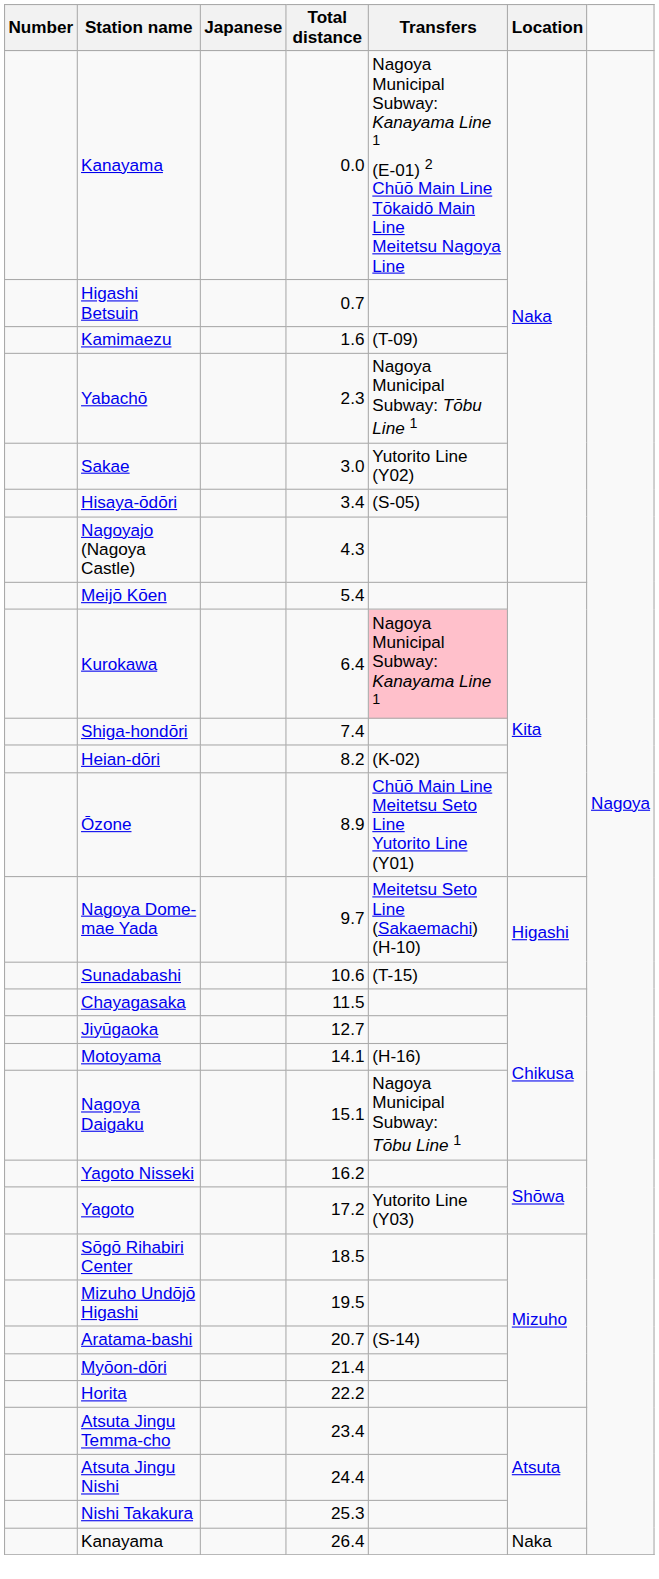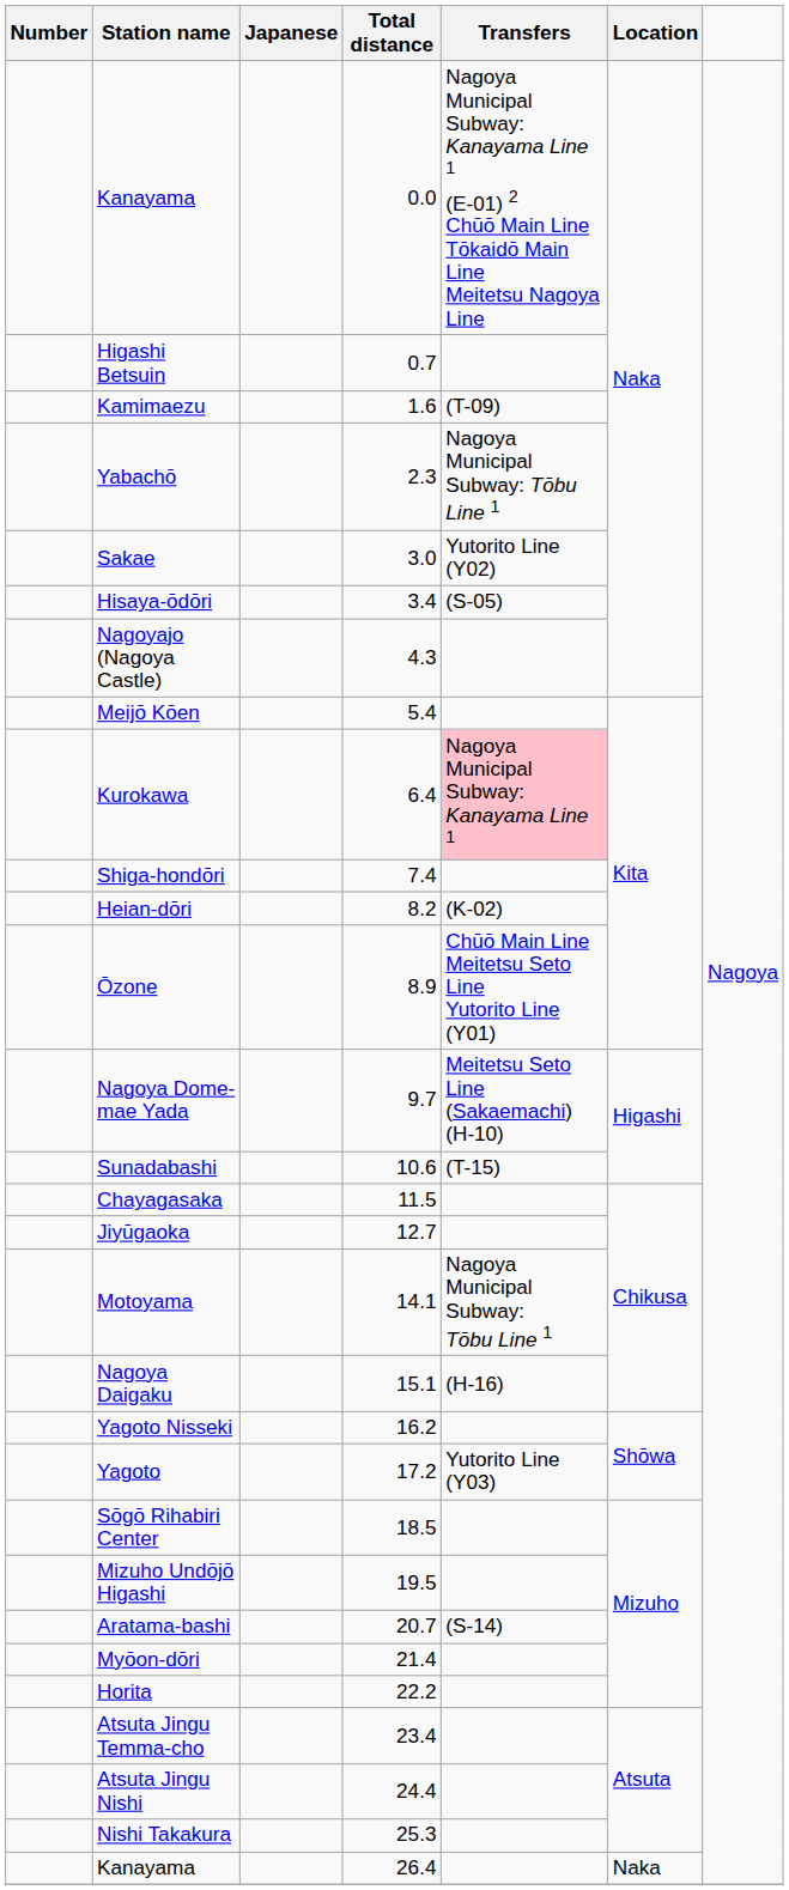 <table class="wikitable">
 <tr>
 <th style="border-bottom:3px solid #">Number</th>
 <th ! style="border-bottom:3px solid #">Station name</th>
 <th ! style="border-bottom:3px solid #">Japanese</th>
 <th ! style="border-bottom:3px solid #">Total distance</th>
 <th ! style="border-bottom:3px solid #">Transfers</th>
 <th ! style="border-bottom:3px solid #">Location</th>
 </tr>
 <tr>
 <td></td>
 <td><a href='#'>Kanayama</a></td>
 <td></td>
 <td align=right>0.0</td>
 <td>Nagoya Municipal Subway: <em>Kanayama Line</em> <sup>1</sup><br> (E-01) <sup>2</sup><br><a href='#'>Chūō Main Line</a><br><a href='#'>Tōkaidō Main Line</a><br><a href='#'>Meitetsu Nagoya Line</a></td>
 <td rowspan=7><a href='#'>Naka</a></td>
 <td rowspan=29><a href='#'>Nagoya</a></td>
 </tr>
 <tr>
 <td></td>
 <td><a href='#'>Higashi Betsuin</a></td>
 <td></td>
 <td align=right>0.7</td>
 <td></td>
 </tr>
 <tr>
 <td></td>
 <td><a href='#'>Kamimaezu</a></td>
 <td></td>
 <td align=right>1.6</td>
 <td> (T-09)</td>
 </tr>
 <tr>
 <td></td>
 <td><a href='#'>Yabachō</a></td>
 <td></td>
 <td align=right>2.3</td>
 <td>Nagoya Municipal Subway: <em>Tōbu Line</em> <sup>1</sup></td>
 </tr>
 <tr>
 <td></td>
 <td><a href='#'>Sakae</a></td>
 <td></td>
 <td align=right>3.0</td>
 <td>Yutorito Line (Y02)</td>
 </tr>
 <tr>
 <td></td>
 <td><a href='#'>Hisaya-ōdōri</a></td>
 <td></td>
 <td align=right>3.4</td>
 <td> (S-05)</td>
 </tr>
 <tr>
 <td></td>
 <td><a href='#'>Nagoyajo</a> (Nagoya Castle)</td>
 <td></td>
 <td align=right>4.3</td>
 <td></td>
 </tr>
 <tr>
 <td></td>
 <td><a href='#'>Meijō Kōen</a></td>
 <td></td>
 <td align=right>5.4</td>
 <td></td>
 <td rowspan=5><a href='#'>Kita</a></td>
 </tr>
 <tr>
 <td></td>
 <td><a href='#'>Kurokawa</a></td>
 <td></td>
 <td align=right>6.4</td>
 <td style="background: pink;">Nagoya Municipal Subway:<br><em>Kanayama Line</em> <sup>1</sup></td>
 </tr>
 <tr>
 <td></td>
 <td><a href='#'>Shiga-hondōri</a></td>
 <td></td>
 <td align=right>7.4</td>
 <td></td>
 </tr>
 <tr>
 <td></td>
 <td><a href='#'>Heian-dōri</a></td>
 <td></td>
 <td align=right>8.2</td>
 <td> (K-02)</td>
 </tr>
 <tr>
 <td></td>
 <td><a href='#'>Ōzone</a></td>
 <td></td>
 <td align=right>8.9</td>
 <td><a href='#'>Chūō Main Line</a><br><a href='#'>Meitetsu Seto Line</a><br><a href='#'>Yutorito Line</a> (Y01)</td>
 </tr>
 <tr>
 <td></td>
 <td><a href='#'>Nagoya Dome-mae Yada</a></td>
 <td></td>
 <td align=right>9.7</td>
 <td><a href='#'>Meitetsu Seto Line</a> (<a href='#'>Sakaemachi</a>)<br> (H-10)</td>
 <td rowspan=2><a href='#'>Higashi</a></td>
 </tr>
 <tr>
 <td></td>
 <td><a href='#'>Sunadabashi</a></td>
 <td></td>
 <td align=right>10.6</td>
 <td> (T-15)</td>
 </tr>
 <tr>
 <td></td>
 <td><a href='#'>Chayagasaka</a></td>
 <td></td>
 <td align=right>11.5</td>
 <td></td>
 <td rowspan=4><a href='#'>Chikusa</a></td>
 </tr>
 <tr>
 <td></td>
 <td><a href='#'>Jiyūgaoka</a></td>
 <td></td>
 <td align=right>12.7</td>
 <td></td>
 </tr>
 <tr>
 <td></td>
 <td><a href='#'>Motoyama</a></td>
 <td></td>
 <td align=right>14.1</td>
-<td> (H-16)</td>
+<td>Nagoya Municipal Subway:<br> <em>Tōbu Line</em> <sup>1</sup></td>
 </tr>
 <tr>
 <td></td>
 <td><a href='#'>Nagoya Daigaku</a></td>
 <td></td>
 <td align=right>15.1</td>
-<td>Nagoya Municipal Subway:<br> <em>Tōbu Line</em> <sup>1</sup></td>
+<td> (H-16)</td>
 </tr>
 <tr>
 <td></td>
 <td><a href='#'>Yagoto Nisseki</a></td>
 <td></td>
 <td align=right>16.2</td>
 <td></td>
 <td rowspan=2><a href='#'>Shōwa</a></td>
 </tr>
 <tr>
 <td></td>
 <td><a href='#'>Yagoto</a></td>
 <td></td>
 <td align=right>17.2</td>
 <td>Yutorito Line (Y03)</td>
 </tr>
 <tr>
 <td></td>
 <td><a href='#'>Sōgō Rihabiri Center</a></td>
 <td></td>
 <td align=right>18.5</td>
 <td></td>
 <td rowspan=5><a href='#'>Mizuho</a></td>
 </tr>
 <tr>
 <td></td>
 <td><a href='#'>Mizuho Undōjō Higashi</a></td>
 <td></td>
 <td align=right>19.5</td>
 <td></td>
 </tr>
 <tr>
 <td></td>
 <td><a href='#'>Aratama-bashi</a></td>
 <td></td>
 <td align=right>20.7</td>
 <td> (S-14)</td>
 </tr>
 <tr>
 <td></td>
 <td><a href='#'>Myōon-dōri</a></td>
 <td></td>
 <td align=right>21.4</td>
 <td></td>
 </tr>
 <tr>
 <td></td>
 <td><a href='#'>Horita</a></td>
 <td></td>
 <td align=right>22.2</td>
 <td></td>
 </tr>
 <tr>
 <td></td>
 <td><a href='#'>Atsuta Jingu Temma-cho</a></td>
 <td></td>
 <td align=right>23.4</td>
 <td></td>
 <td rowspan=3><a href='#'>Atsuta</a></td>
 </tr>
 <tr>
 <td></td>
 <td><a href='#'>Atsuta Jingu Nishi</a></td>
 <td></td>
 <td align=right>24.4</td>
 <td></td>
 </tr>
 <tr>
 <td></td>
 <td><a href='#'>Nishi Takakura</a></td>
 <td></td>
 <td align=right>25.3</td>
 <td></td>
 </tr>
 <tr>
 <td></td>
 <td>Kanayama</td>
 <td></td>
 <td align=right>26.4</td>
 <td></td>
 <td>Naka</td>
 </tr>
 <tr>
 </tr>
 </table>
